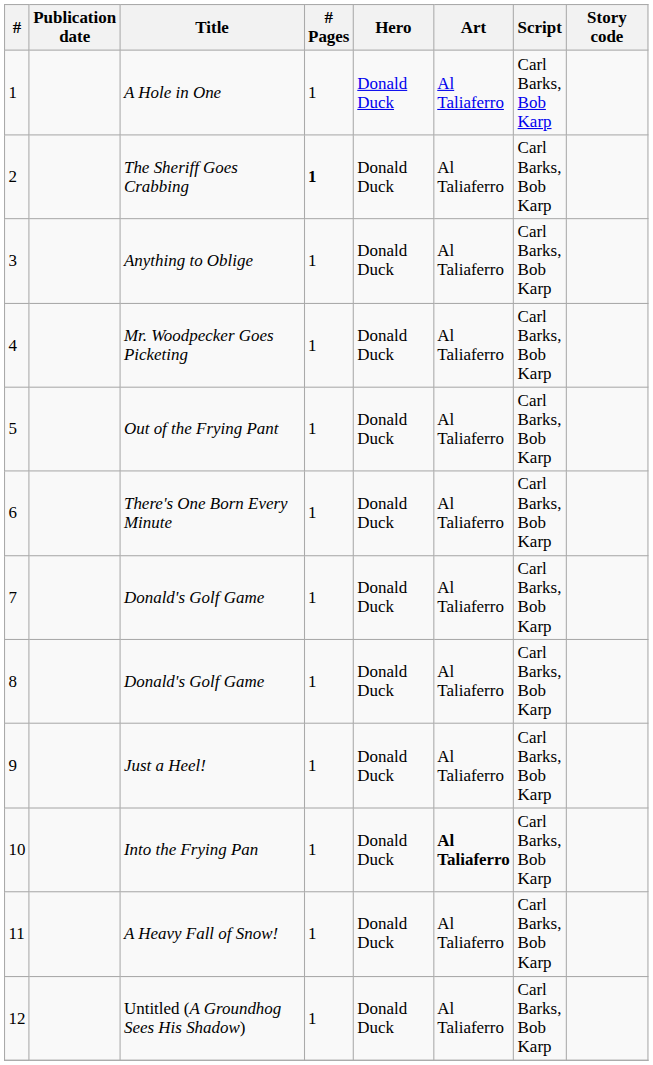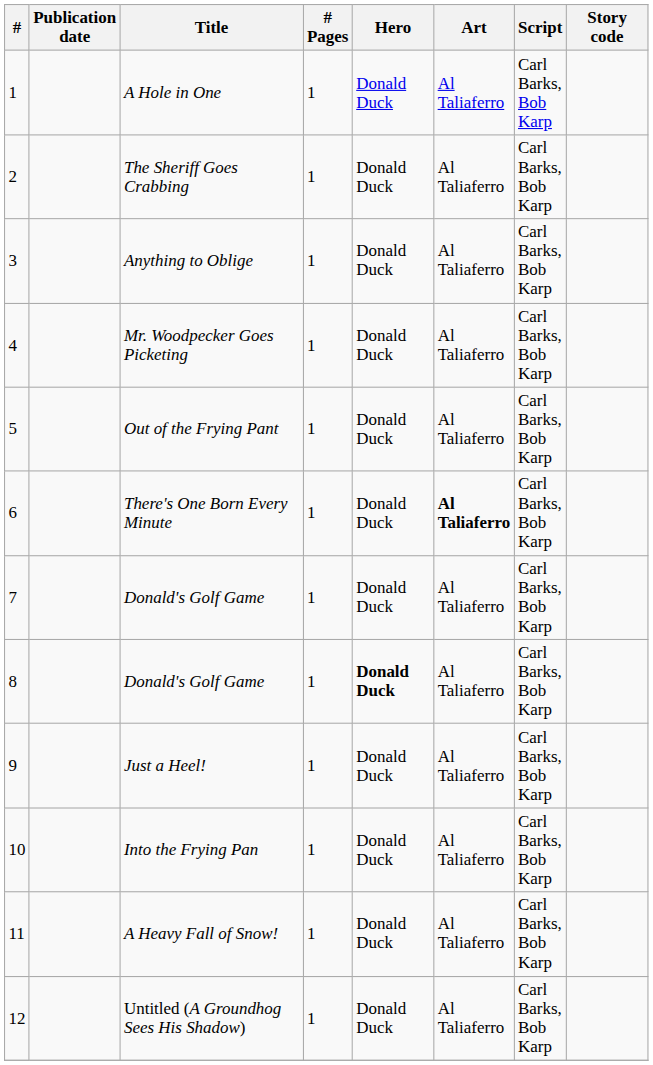 <table class="wikitable sortable">
 <tr>
 <th>#</th>
 <th width="70">Publication date</th>
 <th width="300">Title</th>
 <th># Pages</th>
 <th width="100">Hero</th>
 <th>Art</th>
 <th>Script</th>
 <th width="120">Story code</th>
 </tr>
 <tr>
 <td>1</td>
 <td></td>
 <td><em>A Hole in One</em></td>
 <td>1</td>
 <td><a href='#'>Donald Duck</a></td>
 <td><a href='#'>Al Taliaferro</a></td>
 <td>Carl Barks, <a href='#'>Bob Karp</a></td>
 <td></td>
 </tr>
 <tr>
 <td>2</td>
 <td></td>
 <td><em>The Sheriff Goes Crabbing</em></td>
-<td><strong>1</strong></td>
+<td>1</td>
 <td>Donald Duck</td>
 <td>Al Taliaferro</td>
 <td>Carl Barks, Bob Karp</td>
 <td></td>
 </tr>
 <tr>
 <td>3</td>
 <td></td>
 <td><em>Anything to Oblige</em></td>
 <td>1</td>
 <td>Donald Duck</td>
 <td>Al Taliaferro</td>
 <td>Carl Barks, Bob Karp</td>
 <td></td>
 </tr>
 <tr>
 <td>4</td>
 <td></td>
 <td><em>Mr. Woodpecker Goes Picketing</em></td>
 <td>1</td>
 <td>Donald Duck</td>
 <td>Al Taliaferro</td>
 <td>Carl Barks, Bob Karp</td>
 <td></td>
 </tr>
 <tr>
 <td>5</td>
 <td></td>
 <td><em>Out of the Frying Pant</em></td>
 <td>1</td>
 <td>Donald Duck</td>
 <td>Al Taliaferro</td>
 <td>Carl Barks, Bob Karp</td>
 <td></td>
 </tr>
 <tr>
 <td>6</td>
 <td></td>
 <td><em>There's One Born Every Minute</em></td>
 <td>1</td>
 <td>Donald Duck</td>
-<td>Al Taliaferro</td>
+<td><strong>Al Taliaferro</strong></td>
 <td>Carl Barks, Bob Karp</td>
 <td></td>
 </tr>
 <tr>
 <td>7</td>
 <td></td>
 <td><em>Donald's Golf Game</em></td>
 <td>1</td>
 <td>Donald Duck</td>
 <td>Al Taliaferro</td>
 <td>Carl Barks, Bob Karp</td>
 <td></td>
 </tr>
 <tr>
 <td>8</td>
 <td></td>
 <td><em>Donald's Golf Game</em></td>
 <td>1</td>
-<td>Donald Duck</td>
+<td><strong>Donald Duck</strong></td>
 <td>Al Taliaferro</td>
 <td>Carl Barks, Bob Karp</td>
 <td></td>
 </tr>
 <tr>
 <td>9</td>
 <td></td>
 <td><em>Just a Heel!</em></td>
 <td>1</td>
 <td>Donald Duck</td>
 <td>Al Taliaferro</td>
 <td>Carl Barks, Bob Karp</td>
 <td></td>
 </tr>
 <tr>
 <td>10</td>
 <td></td>
 <td><em>Into the Frying Pan</em></td>
 <td>1</td>
 <td>Donald Duck</td>
-<td><strong>Al Taliaferro</strong></td>
+<td>Al Taliaferro</td>
 <td>Carl Barks, Bob Karp</td>
 <td></td>
 </tr>
 <tr>
 <td>11</td>
 <td></td>
 <td><em>A Heavy Fall of Snow!</em></td>
 <td>1</td>
 <td>Donald Duck</td>
 <td>Al Taliaferro</td>
 <td>Carl Barks, Bob Karp</td>
 <td></td>
 </tr>
 <tr>
 <td>12</td>
 <td></td>
 <td>Untitled (<em>A Groundhog Sees His Shadow</em>)</td>
 <td>1</td>
 <td>Donald Duck</td>
 <td>Al Taliaferro</td>
 <td>Carl Barks, Bob Karp</td>
 <td></td>
 </tr>
 <tr>
 </tr>
 </table>
